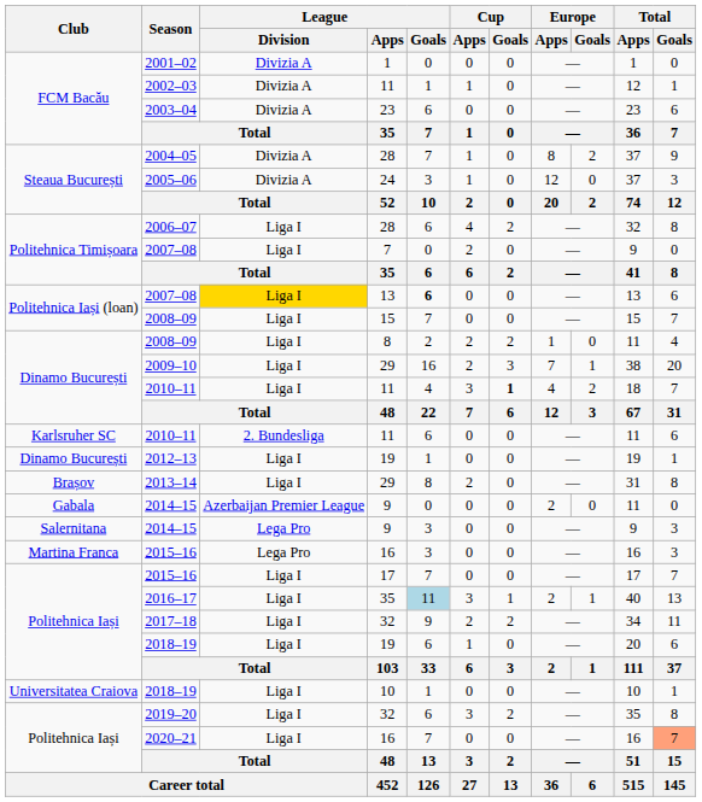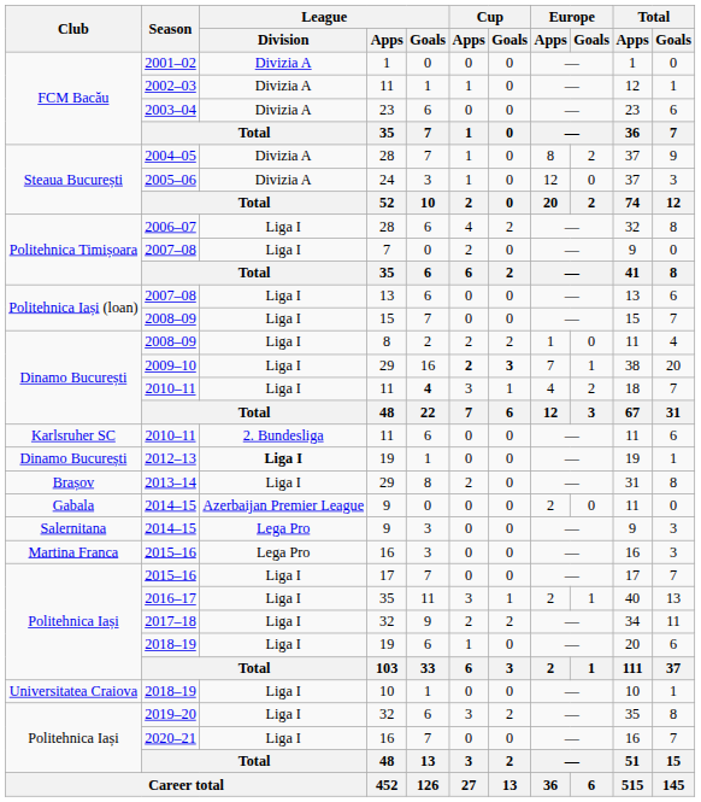 <table class=wikitable style="text-align:center">
 <tr>
 <th rowspan=2>Club</th>
 <th rowspan=2>Season</th>
 <th colspan=3>League</th>
 <th colspan=2>Cup</th>
 <th colspan=2>Europe</th>
 <th colspan=2>Total</th>
 </tr>
 <tr>
 <th>Division</th>
 <th>Apps</th>
 <th>Goals</th>
 <th>Apps</th>
 <th>Goals</th>
 <th>Apps</th>
 <th>Goals</th>
 <th>Apps</th>
 <th>Goals</th>
 </tr>
 <tr>
 <td rowspan=4><a href='#'>FCM Bacău</a></td>
 <td><a href='#'>2001–02</a></td>
 <td><a href='#'>Divizia A</a></td>
 <td>1</td>
 <td>0</td>
 <td>0</td>
 <td>0</td>
 <td colspan=2>—</td>
 <td>1</td>
 <td>0</td>
 </tr>
 <tr>
 <td><a href='#'>2002–03</a></td>
 <td>Divizia A</td>
 <td>11</td>
 <td>1</td>
 <td>1</td>
 <td>0</td>
 <td colspan=2>—</td>
 <td>12</td>
 <td>1</td>
 </tr>
 <tr>
 <td><a href='#'>2003–04</a></td>
 <td>Divizia A</td>
 <td>23</td>
 <td>6</td>
 <td>0</td>
 <td>0</td>
 <td colspan=2>—</td>
 <td>23</td>
 <td>6</td>
 </tr>
 <tr>
 <th colspan=2>Total</th>
 <th>35</th>
 <th>7</th>
 <th>1</th>
 <th>0</th>
 <th colspan=2>—</th>
 <th>36</th>
 <th>7</th>
 </tr>
 <tr>
 <td rowspan=3><a href='#'>Steaua București</a></td>
 <td><a href='#'>2004–05</a></td>
 <td>Divizia A</td>
 <td>28</td>
 <td>7</td>
 <td>1</td>
 <td>0</td>
 <td>8</td>
 <td>2</td>
 <td>37</td>
 <td>9</td>
 </tr>
 <tr>
 <td><a href='#'>2005–06</a></td>
 <td>Divizia A</td>
 <td>24</td>
 <td>3</td>
 <td>1</td>
 <td>0</td>
 <td>12</td>
 <td>0</td>
 <td>37</td>
 <td>3</td>
 </tr>
 <tr>
 <th colspan=2>Total</th>
 <th>52</th>
 <th>10</th>
 <th>2</th>
 <th>0</th>
 <th>20</th>
 <th>2</th>
 <th>74</th>
 <th>12</th>
 </tr>
 <tr>
 <td rowspan=3><a href='#'>Politehnica Timișoara</a></td>
 <td><a href='#'>2006–07</a></td>
 <td>Liga I</td>
 <td>28</td>
 <td>6</td>
 <td>4</td>
 <td>2</td>
 <td colspan=2>—</td>
 <td>32</td>
 <td>8</td>
 </tr>
 <tr>
 <td><a href='#'>2007–08</a></td>
 <td>Liga I</td>
 <td>7</td>
 <td>0</td>
 <td>2</td>
 <td>0</td>
 <td colspan=2>—</td>
 <td>9</td>
 <td>0</td>
 </tr>
 <tr>
 <th colspan=2>Total</th>
 <th>35</th>
 <th>6</th>
 <th>6</th>
 <th>2</th>
 <th colspan=2>—</th>
 <th>41</th>
 <th>8</th>
 </tr>
 <tr>
 <td rowspan=2><a href='#'>Politehnica Iași</a> (loan)</td>
 <td><a href='#'>2007–08</a></td>
-<td style="background: gold;">Liga I</td>
+<td>Liga I</td>
 <td>13</td>
-<td><strong>6</strong></td>
+<td>6</td>
 <td>0</td>
 <td>0</td>
 <td colspan=2>—</td>
 <td>13</td>
 <td>6</td>
 </tr>
 <tr>
 <td><a href='#'>2008–09</a></td>
 <td>Liga I</td>
 <td>15</td>
 <td>7</td>
 <td>0</td>
 <td>0</td>
 <td colspan=2>—</td>
 <td>15</td>
 <td>7</td>
 </tr>
 <tr>
 <td rowspan=4><a href='#'>Dinamo București</a></td>
 <td><a href='#'>2008–09</a></td>
 <td>Liga I</td>
 <td>8</td>
 <td>2</td>
 <td>2</td>
 <td>2</td>
 <td>1</td>
 <td>0</td>
 <td>11</td>
 <td>4</td>
 </tr>
 <tr>
 <td><a href='#'>2009–10</a></td>
 <td>Liga I</td>
 <td>29</td>
 <td>16</td>
-<td>2</td>
-<td>3</td>
+<td><strong>2</strong></td>
+<td><strong>3</strong></td>
 <td>7</td>
 <td>1</td>
 <td>38</td>
 <td>20</td>
 </tr>
 <tr>
 <td><a href='#'>2010–11</a></td>
 <td>Liga I</td>
 <td>11</td>
-<td>4</td>
+<td><strong>4</strong></td>
 <td>3</td>
-<td><strong>1</strong></td>
+<td>1</td>
 <td>4</td>
 <td>2</td>
 <td>18</td>
 <td>7</td>
 </tr>
 <tr>
 <th colspan=2>Total</th>
 <th>48</th>
 <th>22</th>
 <th>7</th>
 <th>6</th>
 <th>12</th>
 <th>3</th>
 <th>67</th>
 <th>31</th>
 </tr>
 <tr>
 <td rowspan=1><a href='#'>Karlsruher SC</a></td>
 <td><a href='#'>2010–11</a></td>
 <td><a href='#'>2. Bundesliga</a></td>
 <td>11</td>
 <td>6</td>
 <td>0</td>
 <td>0</td>
 <td colspan=2>—</td>
 <td>11</td>
 <td>6</td>
 </tr>
 <tr>
 <td rowspan=1><a href='#'>Dinamo București</a></td>
 <td><a href='#'>2012–13</a></td>
-<td>Liga I</td>
+<td><strong>Liga I</strong></td>
 <td>19</td>
 <td>1</td>
 <td>0</td>
 <td>0</td>
 <td colspan=2>—</td>
 <td>19</td>
 <td>1</td>
 </tr>
 <tr>
 <td rowspan=1><a href='#'>Brașov</a></td>
 <td><a href='#'>2013–14</a></td>
 <td>Liga I</td>
 <td>29</td>
 <td>8</td>
 <td>2</td>
 <td>0</td>
 <td colspan=2>—</td>
 <td>31</td>
 <td>8</td>
 </tr>
 <tr>
 <td rowspan=1><a href='#'>Gabala</a></td>
 <td><a href='#'>2014–15</a></td>
 <td><a href='#'>Azerbaijan Premier League</a></td>
 <td>9</td>
 <td>0</td>
 <td>0</td>
 <td>0</td>
 <td>2</td>
 <td>0</td>
 <td>11</td>
 <td>0</td>
 </tr>
 <tr>
 <td rowspan=1><a href='#'>Salernitana</a></td>
 <td><a href='#'>2014–15</a></td>
 <td><a href='#'>Lega Pro</a></td>
 <td>9</td>
 <td>3</td>
 <td>0</td>
 <td>0</td>
 <td colspan=2>—</td>
 <td>9</td>
 <td>3</td>
 </tr>
 <tr>
 <td rowspan=1><a href='#'>Martina Franca</a></td>
 <td><a href='#'>2015–16</a></td>
 <td>Lega Pro</td>
 <td>16</td>
 <td>3</td>
 <td>0</td>
 <td>0</td>
 <td colspan=2>—</td>
 <td>16</td>
 <td>3</td>
 </tr>
 <tr>
 <td rowspan=5><a href='#'>Politehnica Iași</a></td>
 <td><a href='#'>2015–16</a></td>
 <td>Liga I</td>
 <td>17</td>
 <td>7</td>
 <td>0</td>
 <td>0</td>
 <td colspan=2>—</td>
 <td>17</td>
 <td>7</td>
 </tr>
 <tr>
 <td><a href='#'>2016–17</a></td>
 <td>Liga I</td>
 <td>35</td>
-<td style="background: lightblue;">11</td>
+<td>11</td>
 <td>3</td>
 <td>1</td>
 <td>2</td>
 <td>1</td>
 <td>40</td>
 <td>13</td>
 </tr>
 <tr>
 <td><a href='#'>2017–18</a></td>
 <td>Liga I</td>
 <td>32</td>
 <td>9</td>
 <td>2</td>
 <td>2</td>
 <td colspan=2>—</td>
 <td>34</td>
 <td>11</td>
 </tr>
 <tr>
 <td><a href='#'>2018–19</a></td>
 <td>Liga I</td>
 <td>19</td>
 <td>6</td>
 <td>1</td>
 <td>0</td>
 <td colspan=2>—</td>
 <td>20</td>
 <td>6</td>
 </tr>
 <tr>
 <th colspan=2>Total</th>
 <th>103</th>
 <th>33</th>
 <th>6</th>
 <th>3</th>
 <th>2</th>
 <th>1</th>
 <th>111</th>
 <th>37</th>
 </tr>
 <tr>
 <td><a href='#'>Universitatea Craiova</a></td>
 <td><a href='#'>2018–19</a></td>
 <td>Liga I</td>
 <td>10</td>
 <td>1</td>
 <td>0</td>
 <td>0</td>
 <td colspan=2>—</td>
 <td>10</td>
 <td>1</td>
 </tr>
 <tr>
 <td rowspan=3>Politehnica Iași</td>
 <td><a href='#'>2019–20</a></td>
 <td>Liga I</td>
 <td>32</td>
 <td>6</td>
 <td>3</td>
 <td>2</td>
 <td colspan=2>—</td>
 <td>35</td>
 <td>8</td>
 </tr>
 <tr>
 <td><a href='#'>2020–21</a></td>
 <td>Liga I</td>
 <td>16</td>
 <td>7</td>
 <td>0</td>
 <td>0</td>
 <td colspan=2>—</td>
 <td>16</td>
-<td style="background: lightsalmon;">7</td>
+<td>7</td>
 </tr>
 <tr>
 <th colspan=2>Total</th>
 <th>48</th>
 <th>13</th>
 <th>3</th>
 <th>2</th>
 <th colspan=2>—</th>
 <th>51</th>
 <th>15</th>
 </tr>
 <tr>
 <th colspan=3>Career total</th>
 <th>452</th>
 <th>126</th>
 <th>27</th>
 <th>13</th>
 <th>36</th>
 <th>6</th>
 <th>515</th>
 <th>145</th>
 </tr>
 </table>
